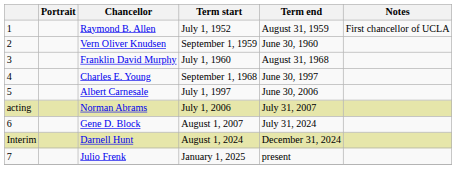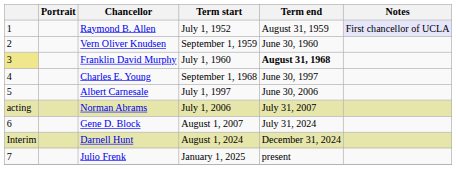 <table class=wikitable style="text-align:left">
 <tr>
 <th></th>
 <th>Portrait</th>
 <th>Chancellor</th>
 <th>Term start</th>
 <th>Term end</th>
 <th>Notes</th>
 </tr>
 <tr>
 <td>1</td>
 <td></td>
 <td><a href='#'>Raymond B. Allen</a></td>
 <td>July 1, 1952</td>
 <td>August 31, 1959</td>
-<td>First chancellor of UCLA</td>
+<td style="background: lavender;">First chancellor of UCLA</td>
 </tr>
 <tr>
 <td>2</td>
 <td></td>
 <td><a href='#'>Vern Oliver Knudsen</a></td>
 <td nowrap>September 1, 1959</td>
 <td>June 30, 1960</td>
 <td></td>
 </tr>
 <tr>
-<td>3</td>
+<td style="background: khaki;">3</td>
 <td></td>
 <td nowrap><a href='#'>Franklin David Murphy</a></td>
 <td>July 1, 1960</td>
-<td>August 31, 1968</td>
+<td><strong>August 31, 1968</strong></td>
 <td></td>
 </tr>
 <tr>
 <td>4</td>
 <td></td>
 <td><a href='#'>Charles E. Young</a></td>
 <td>September 1, 1968</td>
 <td>June 30, 1997</td>
 <td></td>
 </tr>
 <tr>
 <td>5</td>
 <td></td>
 <td><a href='#'>Albert Carnesale</a></td>
 <td>July 1, 1997</td>
 <td>June 30, 2006</td>
 <td></td>
 </tr>
 <tr bgcolor="#e6e6aa">
 <td>acting</td>
 <td></td>
 <td><a href='#'>Norman Abrams</a></td>
 <td>July 1, 2006</td>
 <td>July 31, 2007</td>
 <td></td>
 </tr>
 <tr>
 <td>6</td>
 <td></td>
 <td><a href='#'>Gene D. Block</a></td>
 <td>August 1, 2007</td>
 <td>July 31, 2024</td>
 <td></td>
 </tr>
 <tr bgcolor="#e6e6aa">
 <td>Interim</td>
 <td></td>
 <td><a href='#'>Darnell Hunt</a></td>
 <td>August 1, 2024</td>
 <td nowrap>December 31, 2024</td>
 <td></td>
 </tr>
 <tr>
 <td>7</td>
 <td></td>
 <td><a href='#'>Julio Frenk</a></td>
 <td>January 1, 2025</td>
 <td>present</td>
 <td></td>
 </tr>
 <tr>
 </tr>
 </table>
